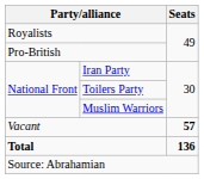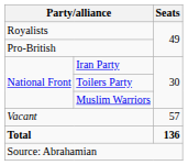 <table class=wikitable style=text-align:right>
 <tr>
 <th colspan=2>Party/alliance</th>
 <th>Seats</th>
 </tr>
 <tr>
 <td align=left colspan=2>Royalists</td>
 <td rowspan=2>49</td>
 </tr>
 <tr>
 <td align=left colspan=2>Pro-British</td>
 </tr>
 <tr>
 <td align=left rowspan=3><a href='#'>National Front</a></td>
 <td align=left><a href='#'>Iran Party</a></td>
 <td rowspan=3>30</td>
 </tr>
 <tr>
 <td align=left><a href='#'>Toilers Party</a></td>
 </tr>
 <tr>
 <td align=left><a href='#'>Muslim Warriors</a></td>
 </tr>
 <tr>
 <td align=left colspan=2><em>Vacant</em></td>
-<td><strong>57</strong></td>
+<td>57</td>
 </tr>
 <tr>
 <td align=left colspan=2><strong>Total</strong></td>
 <td><strong>136</strong></td>
 </tr>
 <tr>
 <td colspan=4 align=left>Source: Abrahamian</td>
 </tr>
 </table>
